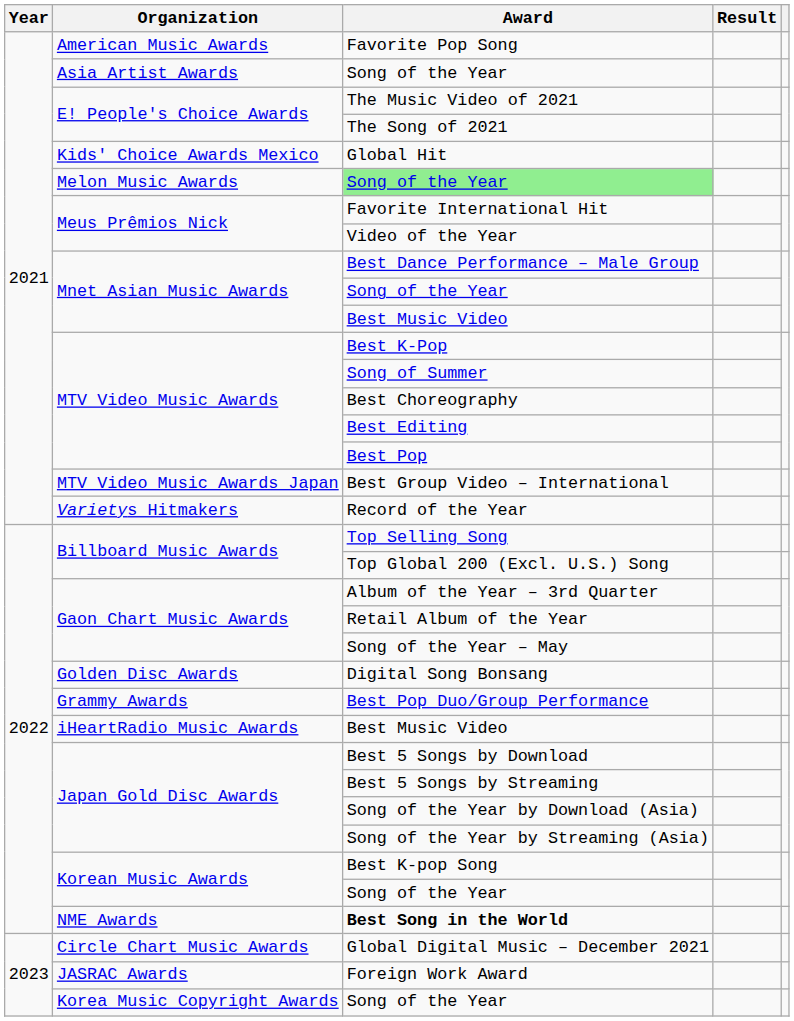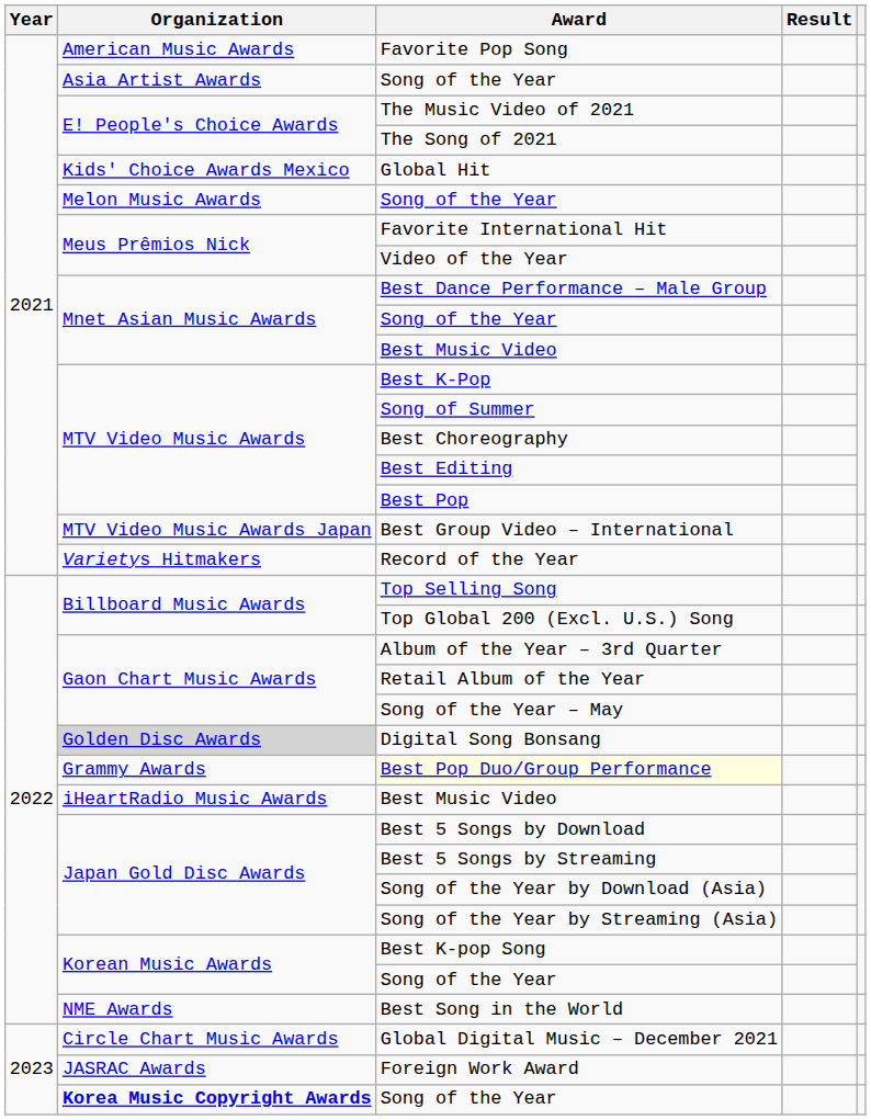 <table class="wikitable">
 <tr>
 <th>Year</th>
 <th>Organization</th>
 <th>Award</th>
 <th>Result</th>
 <th class="unsortable"></th>
 </tr>
 <tr>
 <td rowspan="18">2021</td>
 <td><a href='#'>American Music Awards</a></td>
 <td>Favorite Pop Song</td>
 <td></td>
 <td style="text-align:center;"></td>
 </tr>
 <tr>
 <td><a href='#'>Asia Artist Awards</a></td>
 <td>Song of the Year</td>
 <td></td>
 <td style="text-align:center"></td>
 </tr>
 <tr>
 <td rowspan="2"><a href='#'>E! People's Choice Awards</a></td>
 <td>The Music Video of 2021</td>
 <td></td>
 <td style="text-align:center;" rowspan="2"></td>
 </tr>
 <tr>
 <td>The Song of 2021</td>
 <td></td>
 </tr>
 <tr>
 <td><a href='#'>Kids' Choice Awards Mexico</a></td>
 <td>Global Hit</td>
 <td></td>
 <td style="text-align:center;"></td>
 </tr>
 <tr>
 <td><a href='#'>Melon Music Awards</a></td>
-<td style="background: lightgreen;"><a href='#'>Song of the Year</a></td>
+<td><a href='#'>Song of the Year</a></td>
 <td></td>
 <td style="text-align:center;"></td>
 </tr>
 <tr>
 <td rowspan="2"><a href='#'>Meus Prêmios Nick</a></td>
 <td>Favorite International Hit</td>
 <td></td>
 <td style="text-align:center;" rowspan="2"></td>
 </tr>
 <tr>
 <td>Video of the Year</td>
 <td></td>
 </tr>
 <tr>
 <td rowspan="3"><a href='#'>Mnet Asian Music Awards</a></td>
 <td><a href='#'>Best Dance Performance – Male Group</a></td>
 <td></td>
 <td style="text-align:center;" rowspan="3"></td>
 </tr>
 <tr>
 <td><a href='#'>Song of the Year</a></td>
 <td></td>
 </tr>
 <tr>
 <td><a href='#'>Best Music Video</a></td>
 <td></td>
 </tr>
 <tr>
 <td rowspan="5"><a href='#'>MTV Video Music Awards</a></td>
 <td><a href='#'>Best K-Pop</a></td>
 <td></td>
 <td style="text-align:center;" rowspan="5"></td>
 </tr>
 <tr>
 <td><a href='#'>Song of Summer</a></td>
 <td></td>
 </tr>
 <tr>
 <td>Best Choreography</td>
 <td></td>
 </tr>
 <tr>
 <td><a href='#'>Best Editing</a></td>
 <td></td>
 </tr>
 <tr>
 <td><a href='#'>Best Pop</a></td>
 <td></td>
 </tr>
 <tr>
 <td><a href='#'>MTV Video Music Awards Japan</a></td>
 <td>Best Group Video – International</td>
 <td></td>
 <td style="text-align:center;"></td>
 </tr>
 <tr>
 <td><a href='#'><em>Variety</em>s Hitmakers</a></td>
 <td>Record of the Year</td>
 <td></td>
 <td style="text-align:center;"></td>
 </tr>
 <tr>
 <td rowspan="15">2022</td>
 <td rowspan="2"><a href='#'>Billboard Music Awards</a></td>
 <td><a href='#'>Top Selling Song</a></td>
 <td></td>
 <td style="text-align:center;"></td>
 </tr>
 <tr>
 <td>Top Global 200 (Excl. U.S.) Song</td>
 <td></td>
 <td style="text-align:center;"></td>
 </tr>
 <tr>
 <td rowspan= "3"><a href='#'>Gaon Chart Music Awards</a></td>
 <td>Album of the Year – 3rd Quarter</td>
 <td></td>
 <td style="text-align:center;" rowspan="3"></td>
 </tr>
 <tr>
 <td>Retail Album of the Year</td>
 <td></td>
 </tr>
 <tr>
 <td>Song of the Year – May</td>
 <td></td>
 </tr>
 <tr>
-<td><a href='#'>Golden Disc Awards</a></td>
+<td style="background: lightgrey;"><a href='#'>Golden Disc Awards</a></td>
 <td>Digital Song Bonsang</td>
 <td></td>
 <td style="text-align:center;"></td>
 </tr>
 <tr>
 <td><a href='#'>Grammy Awards</a></td>
-<td><a href='#'>Best Pop Duo/Group Performance</a></td>
+<td style="background: lightyellow;"><a href='#'>Best Pop Duo/Group Performance</a></td>
 <td></td>
 <td style="text-align:center;"></td>
 </tr>
 <tr>
 <td><a href='#'>iHeartRadio Music Awards</a></td>
 <td>Best Music Video</td>
 <td></td>
 <td style="text-align:center;"></td>
 </tr>
 <tr>
 <td rowspan="4"><a href='#'>Japan Gold Disc Awards</a></td>
 <td>Best 5 Songs by Download</td>
 <td></td>
 <td style="text-align:center;" rowspan="4"></td>
 </tr>
 <tr>
 <td>Best 5 Songs by Streaming</td>
 <td></td>
 </tr>
 <tr>
 <td>Song of the Year by Download (Asia)</td>
 <td></td>
 </tr>
 <tr>
 <td>Song of the Year by Streaming (Asia)</td>
 <td></td>
 </tr>
 <tr>
 <td rowspan="2"><a href='#'>Korean Music Awards</a></td>
 <td>Best K-pop Song</td>
 <td></td>
 <td style="text-align:center;" rowspan="2"></td>
 </tr>
 <tr>
 <td>Song of the Year</td>
 <td></td>
 </tr>
 <tr>
 <td><a href='#'>NME Awards</a></td>
-<td><strong>Best Song in the World</strong></td>
+<td>Best Song in the World</td>
 <td></td>
 <td style="text-align:center;"></td>
 </tr>
 <tr>
 <td rowspan="3">2023</td>
 <td><a href='#'>Circle Chart Music Awards</a></td>
 <td>Global Digital Music – December 2021</td>
 <td></td>
 <td style="text-align:center;"></td>
 </tr>
 <tr>
 <td><a href='#'>JASRAC Awards</a></td>
 <td>Foreign Work Award</td>
 <td></td>
 <td style="text-align:center;"></td>
 </tr>
 <tr>
-<td><a href='#'>Korea Music Copyright Awards</a></td>
+<td><strong><a href='#'>Korea Music Copyright Awards</a></strong></td>
 <td>Song of the Year</td>
 <td></td>
 <td style="text-align:center;"></td>
 </tr>
 </table>
